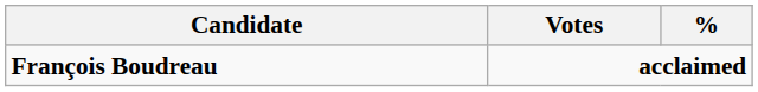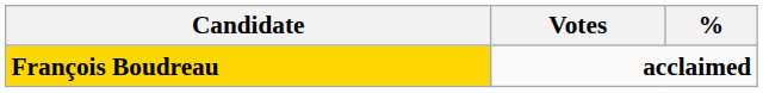 <table style="width:475px;" class="wikitable">
 <tr>
 <th align="center">Candidate</th>
 <th align="center">Votes</th>
 <th align="center">%</th>
 </tr>
 <tr>
-<td align="left"><strong>François Boudreau</strong></td>
+<td align="left" style="background: gold;"><strong>François Boudreau</strong></td>
 <td align="right" colspan="2"><strong>acclaimed</strong></td>
 </tr>
 </table>
